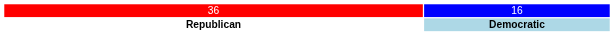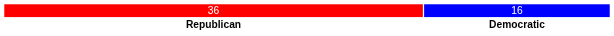 <table style="width:60%; text-align:center;">
 <tr style="color:white;">
 <td style="background:red; width:69.23%;">36</td>
 <td style="background:blue; width:30.77%;">16</td>
 </tr>
 <tr>
 <td><span><strong>Republican</strong></span></td>
-<td style="background: lightblue;"><span><strong>Democratic</strong></span></td>
+<td><span><strong>Democratic</strong></span></td>
 </tr>
 </table>
